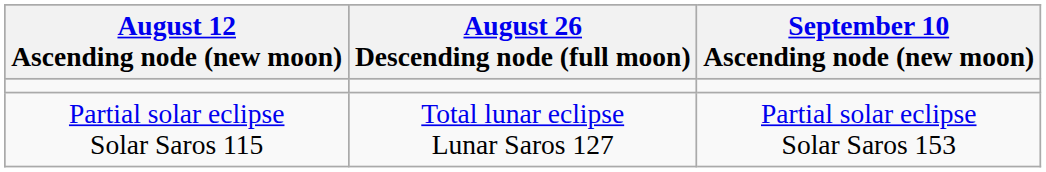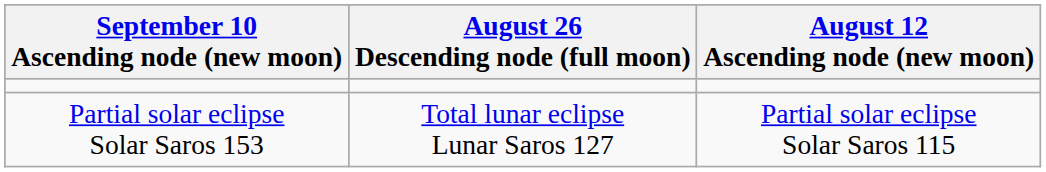 <table class="wikitable">
 <tr>
+<th><a href='#'>September 10</a><br>Ascending node (new moon)</th>
+<th><a href='#'>August 26</a><br>Descending node (full moon)</th>
 <th><a href='#'>August 12</a><br>Ascending node (new moon)</th>
-<th><a href='#'>August 26</a><br>Descending node (full moon)</th>
-<th><a href='#'>September 10</a><br>Ascending node (new moon)</th>
 </tr>
 <tr>
 <td></td>
 <td></td>
 <td></td>
 </tr>
 <tr align=center>
+<td><a href='#'>Partial solar eclipse</a><br>Solar Saros 153</td>
+<td><a href='#'>Total lunar eclipse</a><br>Lunar Saros 127</td>
 <td><a href='#'>Partial solar eclipse</a><br>Solar Saros 115</td>
-<td><a href='#'>Total lunar eclipse</a><br>Lunar Saros 127</td>
-<td><a href='#'>Partial solar eclipse</a><br>Solar Saros 153</td>
 </tr>
 </table>
